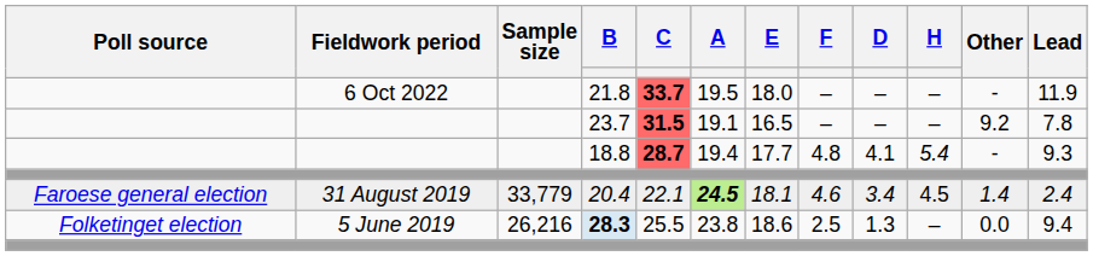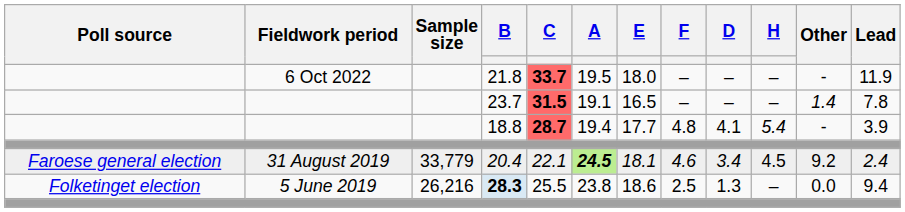 <table class="wikitable sortable" style="text-align:center;font-size:90%;line-height:14px;">
 <tr style="height:42px;">
 <th style="width:190px;" rowspan="2">Poll source</th>
 <th style="width:130px;" rowspan="2">Fieldwork period</th>
 <th style="width:50px;" rowspan="2">Sample size</th>
 <th style="width:30px;"><a href='#'>B</a></th>
 <th style="width:30px;"><a href='#'>C</a></th>
 <th style="width:30px;"><a href='#'>A</a></th>
 <th style="width:30px;"><a href='#'>E</a></th>
 <th style="width:30px;"><a href='#'>F</a></th>
 <th style="width:30px;"><a href='#'>D</a></th>
 <th style="width:30px;"><a href='#'>H</a></th>
 <th style="width:30px;" rowspan="2">Other</th>
 <th style="width:30px;" rowspan="2">Lead</th>
 </tr>
 <tr>
 <th style="color:inherit;background:"></th>
 <th style="color:inherit;background:"></th>
 <th style="color:inherit;background:"></th>
 <th style="color:inherit;background:"></th>
 <th style="color:inherit;background:"></th>
 <th style="color:inherit;background:"></th>
 <th style="color:inherit;background:"></th>
 </tr>
 <tr>
 <td></td>
 <td>6 Oct 2022</td>
 <td></td>
 <td>21.8</td>
 <td style="background:#FF6A6A" align="center"><strong>33.7</strong></td>
 <td>19.5</td>
 <td>18.0</td>
 <td>–</td>
 <td>–</td>
 <td>–</td>
 <td>-</td>
 <td style="background:">11.9</td>
 </tr>
 <tr>
 <td></td>
 <td></td>
 <td></td>
 <td>23.7</td>
 <td style="background:#FF6A6A" align="center"><strong>31.5</strong></td>
 <td>19.1</td>
 <td>16.5</td>
 <td>–</td>
 <td>–</td>
 <td>–</td>
-<td>9.2</td>
+<td><em>1.4</em></td>
 <td style="background:">7.8</td>
 </tr>
 <tr>
 <td></td>
 <td></td>
 <td></td>
 <td>18.8</td>
 <td style="background:#FF6A6A" align="center"><strong>28.7</strong></td>
 <td>19.4</td>
 <td>17.7</td>
 <td>4.8</td>
 <td>4.1</td>
 <td><em>5.4</em></td>
 <td>-</td>
-<td style="background:">9.3</td>
+<td style="background:">3.9</td>
 </tr>
 <tr>
 <td colspan="15" style="background:#A0A0A0"></td>
 </tr>
 <tr style="background:#EFEFEF;">
 <td><em><a href='#'>Faroese general election</a></em></td>
 <td><em>31 August 2019</em></td>
 <td>33,779</td>
 <td><em>20.4</em></td>
 <td><em>22.1</em></td>
 <td style="background:#BCED91" align="center"><strong><em>24.5</em></strong></td>
 <td><em>18.1</em></td>
 <td><em>4.6</em></td>
 <td><em>3.4</em></td>
 <td>4.5</td>
-<td><em>1.4</em></td>
+<td>9.2</td>
 <td style="background:"><em>2.4</em></td>
 </tr>
 <tr>
 <td><em><a href='#'>Folketinget election</a></em></td>
 <td><em>5 June 2019</em></td>
 <td>26,216</td>
 <td style="background:#D9E9F4"><strong>28.3</strong></td>
 <td>25.5</td>
 <td>23.8</td>
 <td>18.6</td>
 <td>2.5</td>
 <td>1.3</td>
 <td>–</td>
 <td>0.0</td>
 <td style="background:">9.4</td>
 </tr>
 <tr>
 <td colspan="15" style="background:#A0A0A0"></td>
 </tr>
 </table>
